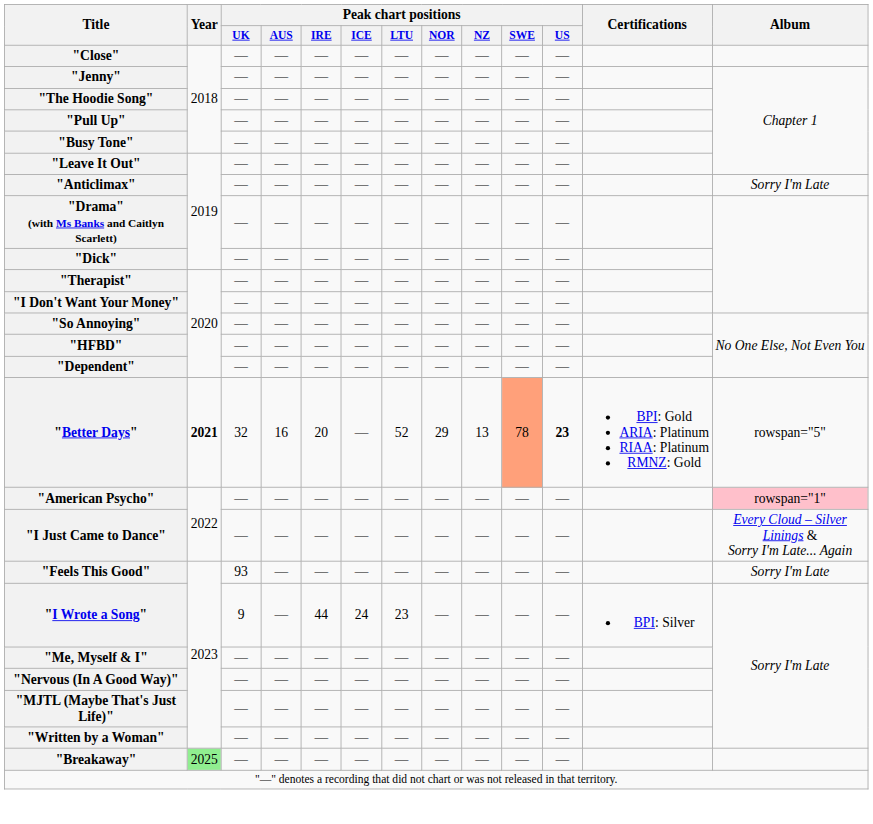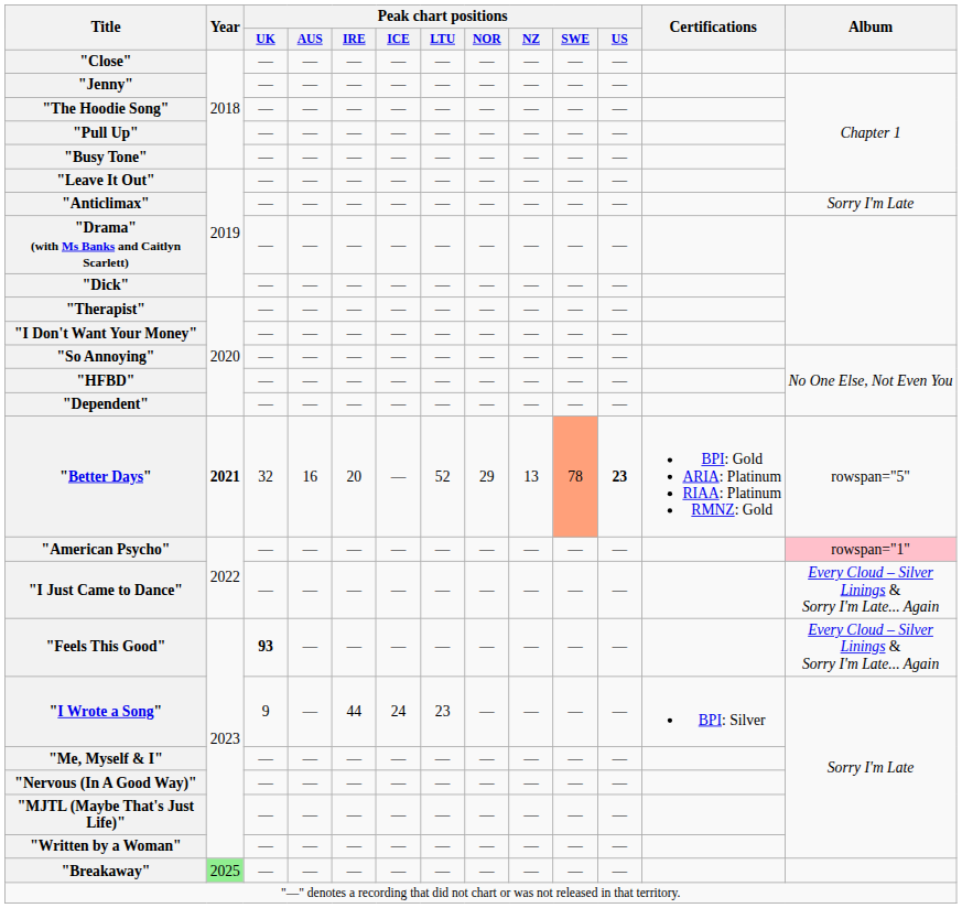 <table class="wikitable plainrowheaders" style="text-align:center;" border="1">
 <tr>
 <th scope="col" rowspan="2" style="width:13em;">Title</th>
 <th scope="col" rowspan="2" style="width:1em;">Year</th>
 <th scope="col" colspan="9" style="width:2em;">Peak chart positions</th>
 <th scope="col" rowspan="2">Certifications</th>
 <th scope="col" rowspan="2" style="width:11em;">Album</th>
 </tr>
 <tr>
 <th scope="col" style="width:3em;font-size:85%;"><a href='#'>UK</a><br></th>
 <th scope="col" style="width:3em;font-size:85%;"><a href='#'>AUS</a><br></th>
 <th scope="col" style="width:3em;font-size:85%;"><a href='#'>IRE</a><br></th>
 <th scope="col" style="width:3em;font-size:85%;"><a href='#'>ICE</a><br></th>
 <th scope="col" style="width:3em;font-size:85%;"><a href='#'>LTU</a><br></th>
 <th scope="col" style="width:3em;font-size:85%;"><a href='#'>NOR</a><br></th>
 <th scope="col" style="width:3em;font-size:85%;"><a href='#'>NZ</a><br></th>
 <th scope="col" style="width:3em;font-size:85%;"><a href='#'>SWE</a><br></th>
 <th scope="col" style="width:3em;font-size:85%;"><a href='#'>US</a><br></th>
 </tr>
 <tr>
 <th scope="row">"Close"</th>
 <td rowspan="5">2018</td>
 <td>—</td>
 <td>—</td>
 <td>—</td>
 <td>—</td>
 <td>—</td>
 <td>—</td>
 <td>—</td>
 <td>—</td>
 <td>—</td>
 <td></td>
 <td></td>
 </tr>
 <tr>
 <th scope="row">"Jenny"</th>
 <td>—</td>
 <td>—</td>
 <td>—</td>
 <td>—</td>
 <td>—</td>
 <td>—</td>
 <td>—</td>
 <td>—</td>
 <td>—</td>
 <td></td>
 <td rowspan="5"><em>Chapter 1</em></td>
 </tr>
 <tr>
 <th scope="row">"The Hoodie Song"</th>
 <td>—</td>
 <td>—</td>
 <td>—</td>
 <td>—</td>
 <td>—</td>
 <td>—</td>
 <td>—</td>
 <td>—</td>
 <td>—</td>
 <td></td>
 </tr>
 <tr>
 <th scope="row">"Pull Up"</th>
 <td>—</td>
 <td>—</td>
 <td>—</td>
 <td>—</td>
 <td>—</td>
 <td>—</td>
 <td>—</td>
 <td>—</td>
 <td>—</td>
 <td></td>
 </tr>
 <tr>
 <th scope="row">"Busy Tone"</th>
 <td>—</td>
 <td>—</td>
 <td>—</td>
 <td>—</td>
 <td>—</td>
 <td>—</td>
 <td>—</td>
 <td>—</td>
 <td>—</td>
 <td></td>
 </tr>
 <tr>
 <th scope="row">"Leave It Out"</th>
 <td rowspan="4">2019</td>
 <td>—</td>
 <td>—</td>
 <td>—</td>
 <td>—</td>
 <td>—</td>
 <td>—</td>
 <td>—</td>
 <td>—</td>
 <td>—</td>
 <td></td>
 </tr>
 <tr>
 <th scope="row">"Anticlimax"</th>
 <td>—</td>
 <td>—</td>
 <td>—</td>
 <td>—</td>
 <td>—</td>
 <td>—</td>
 <td>—</td>
 <td>—</td>
 <td>—</td>
 <td></td>
 <td rowspan="1"><em>Sorry I'm Late</em></td>
 </tr>
 <tr>
 <th scope="row">"Drama" <br><small>(with <a href='#'>Ms Banks</a> and Caitlyn Scarlett)</small></th>
 <td>—</td>
 <td>—</td>
 <td>—</td>
 <td>—</td>
 <td>—</td>
 <td>—</td>
 <td>—</td>
 <td>—</td>
 <td>—</td>
 <td></td>
 </tr>
 <tr>
 <th scope="row">"Dick"</th>
 <td>—</td>
 <td>—</td>
 <td>—</td>
 <td>—</td>
 <td>—</td>
 <td>—</td>
 <td>—</td>
 <td>—</td>
 <td>—</td>
 <td></td>
 </tr>
 <tr>
 <th scope="row">"Therapist"</th>
 <td rowspan="5">2020</td>
 <td>—</td>
 <td>—</td>
 <td>—</td>
 <td>—</td>
 <td>—</td>
 <td>—</td>
 <td>—</td>
 <td>—</td>
 <td>—</td>
 <td></td>
 </tr>
 <tr>
 <th scope="row">"I Don't Want Your Money"</th>
 <td>—</td>
 <td>—</td>
 <td>—</td>
 <td>—</td>
 <td>—</td>
 <td>—</td>
 <td>—</td>
 <td>—</td>
 <td>—</td>
 <td></td>
 </tr>
 <tr>
 <th scope="row">"So Annoying"</th>
 <td>—</td>
 <td>—</td>
 <td>—</td>
 <td>—</td>
 <td>—</td>
 <td>—</td>
 <td>—</td>
 <td>—</td>
 <td>—</td>
 <td></td>
 <td rowspan="3"><em>No One Else, Not Even You</em></td>
 </tr>
 <tr>
 <th scope="row">"HFBD"</th>
 <td>—</td>
 <td>—</td>
 <td>—</td>
 <td>—</td>
 <td>—</td>
 <td>—</td>
 <td>—</td>
 <td>—</td>
 <td>—</td>
 <td></td>
 </tr>
 <tr>
 <th scope="row">"Dependent"</th>
 <td>—</td>
 <td>—</td>
 <td>—</td>
 <td>—</td>
 <td>—</td>
 <td>—</td>
 <td>—</td>
 <td>—</td>
 <td>—</td>
 <td></td>
 </tr>
 <tr>
 <th scope="row">"<a href='#'>Better Days</a>"<br></th>
 <td rowspan="1"><strong>2021</strong></td>
 <td>32</td>
 <td>16</td>
 <td>20</td>
 <td>—</td>
 <td>52</td>
 <td>29</td>
 <td>13</td>
 <td style="background: lightsalmon;">78</td>
 <td><strong>23</strong></td>
 <td><br><ul><li><a href='#'>BPI</a>: Gold</li><li><a href='#'>ARIA</a>: Platinum</li><li><a href='#'>RIAA</a>: Platinum</li><li><a href='#'>RMNZ</a>: Gold</li></ul></td>
 <td>rowspan="5" </td>
 </tr>
 <tr>
 <th scope="row">"American Psycho"<br></th>
 <td rowspan="2">2022</td>
 <td>—</td>
 <td>—</td>
 <td>—</td>
 <td>—</td>
 <td>—</td>
 <td>—</td>
 <td>—</td>
 <td>—</td>
 <td>—</td>
 <td></td>
 <td style="background: pink;">rowspan="1" </td>
 </tr>
 <tr>
 <th scope="row">"I Just Came to Dance"</th>
 <td>—</td>
 <td>—</td>
 <td>—</td>
 <td>—</td>
 <td>—</td>
 <td>—</td>
 <td>—</td>
 <td>—</td>
 <td>—</td>
 <td></td>
 <td><em><a href='#'>Every Cloud – Silver Linings</a></em> & <br> <em>Sorry I'm Late... Again</em></td>
 </tr>
 <tr>
 <th scope="row">"Feels This Good" <br></th>
 <td rowspan="6">2023</td>
-<td>93</td>
+<td><strong>93</strong></td>
 <td>—</td>
 <td>—</td>
 <td>—</td>
 <td>—</td>
 <td>—</td>
 <td>—</td>
 <td>—</td>
 <td>—</td>
 <td></td>
-<td rowspan="1"><em>Sorry I'm Late</em></td>
+<td><em><a href='#'>Every Cloud – Silver Linings</a></em> & <br> <em>Sorry I'm Late... Again</em></td>
 </tr>
 <tr>
 <th scope="row">"<a href='#'>I Wrote a Song</a>"</th>
 <td>9</td>
 <td>—</td>
 <td>44</td>
 <td>24</td>
 <td>23</td>
 <td>—</td>
 <td>—</td>
 <td>—</td>
 <td>—</td>
 <td><br><ul><li><a href='#'>BPI</a>: Silver</li></ul></td>
 <td rowspan="5"><em>Sorry I'm Late</em></td>
 </tr>
 <tr>
 <th scope="row">"Me, Myself & I"</th>
 <td>—</td>
 <td>—</td>
 <td>—</td>
 <td>—</td>
 <td>—</td>
 <td>—</td>
 <td>—</td>
 <td>—</td>
 <td>—</td>
 <td></td>
 </tr>
 <tr>
 <th scope="row">"Nervous (In A Good Way)"</th>
 <td>—</td>
 <td>—</td>
 <td>—</td>
 <td>—</td>
 <td>—</td>
 <td>—</td>
 <td>—</td>
 <td>—</td>
 <td>—</td>
 <td></td>
 </tr>
 <tr>
 <th scope="row">"MJTL (Maybe That's Just Life)"</th>
 <td>—</td>
 <td>—</td>
 <td>—</td>
 <td>—</td>
 <td>—</td>
 <td>—</td>
 <td>—</td>
 <td>—</td>
 <td>—</td>
 <td></td>
 </tr>
 <tr>
 <th scope="row">"Written by a Woman"</th>
 <td>—</td>
 <td>—</td>
 <td>—</td>
 <td>—</td>
 <td>—</td>
 <td>—</td>
 <td>—</td>
 <td>—</td>
 <td>—</td>
 <td></td>
 </tr>
 <tr>
 <th scope="row">"Breakaway"</th>
 <td style="background: lightgreen;">2025</td>
 <td>—</td>
 <td>—</td>
 <td>—</td>
 <td>—</td>
 <td>—</td>
 <td>—</td>
 <td>—</td>
 <td>—</td>
 <td>—</td>
 <td></td>
 <td></td>
 </tr>
 <tr>
 <td colspan="15" style="font-size:85%">"—" denotes a recording that did not chart or was not released in that territory.</td>
 </tr>
 </table>
